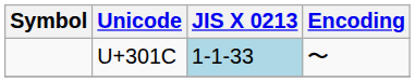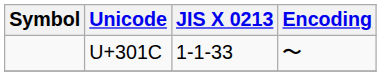 <table class="wikitable">
 <tr>
 <th>Symbol</th>
 <th><a href='#'>Unicode</a></th>
 <th><a href='#'>JIS X 0213</a></th>
 <th><a href='#'>Encoding</a></th>
 </tr>
 <tr>
 <td></td>
 <td>U+301C</td>
-<td style="background: lightblue;">1-1-33</td>
+<td>1-1-33</td>
 <td>&#12316;</td>
 </tr>
 <tr>
 </tr>
 </table>
